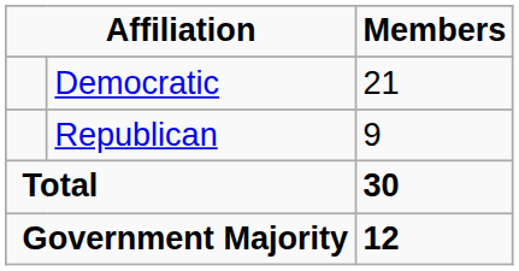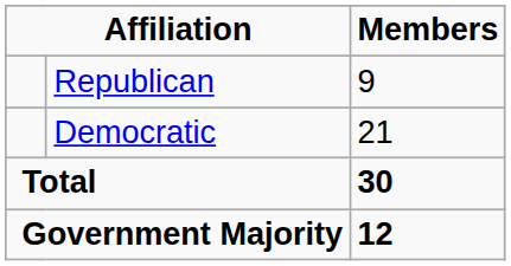 <table class="wikitable">
 <tr>
 <td colspan="2" rowspan="1" align="center" valign="top"><strong>Affiliation</strong></td>
 <td style="vertical-align:top;"><strong>Members</strong></td>
 </tr>
 <tr>
 <td style="background-color:"> </td>
-<td><a href='#'>Democratic</a></td>
-<td>21</td>
+<td><a href='#'>Republican</a></td>
+<td>9</td>
 </tr>
 <tr>
 <td style="background-color:"> </td>
-<td><a href='#'>Republican</a></td>
-<td>9</td>
+<td><a href='#'>Democratic</a></td>
+<td>21</td>
 </tr>
 <tr>
 <td colspan="2" rowspan="1"> <strong>Total</strong></td>
 <td><strong>30</strong></td>
 </tr>
 <tr>
 <td colspan="2" rowspan="1"> <strong>Government Majority</strong></td>
 <td><strong>12</strong></td>
 </tr>
 </table>
